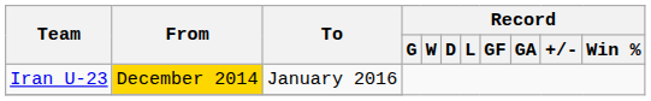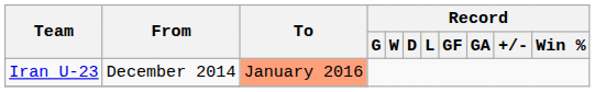 <table class="wikitable" style="text-align: center">
 <tr>
 <th rowspan="2">Team</th>
 <th rowspan="2">From</th>
 <th rowspan="2">To</th>
 <th colspan="8">Record</th>
 </tr>
 <tr>
 <th>G</th>
 <th>W</th>
 <th>D</th>
 <th>L</th>
 <th>GF</th>
 <th>GA</th>
 <th>+/-</th>
 <th>Win %</th>
 </tr>
 <tr>
 <td><a href='#'>Iran U-23</a></td>
-<td align="left" style="background: gold;">December 2014</td>
-<td align="left">January 2016<br></td>
+<td align="left">December 2014</td>
+<td align="left" style="background: lightsalmon;">January 2016<br></td>
 </tr>
 <tr>
 </tr>
 </table>
